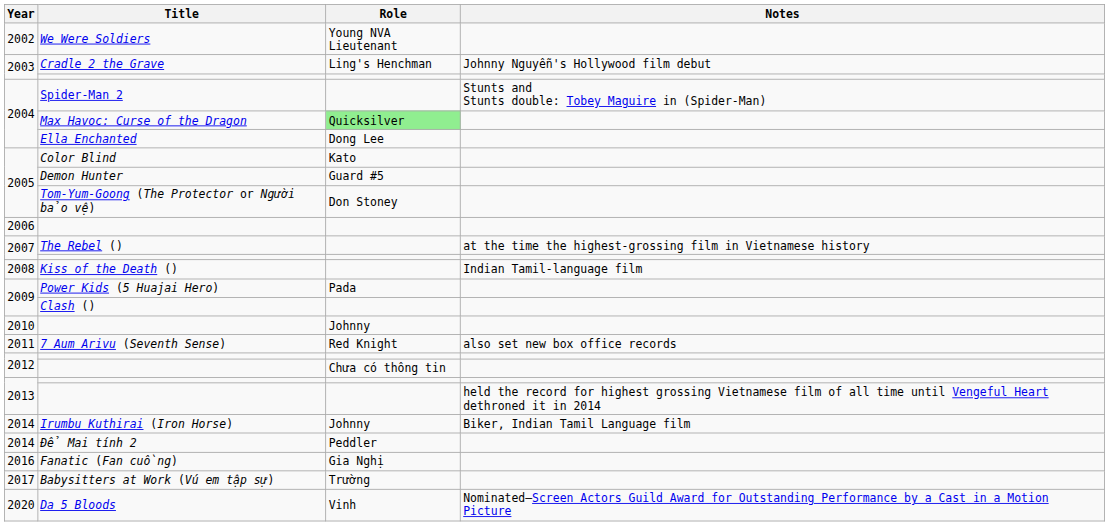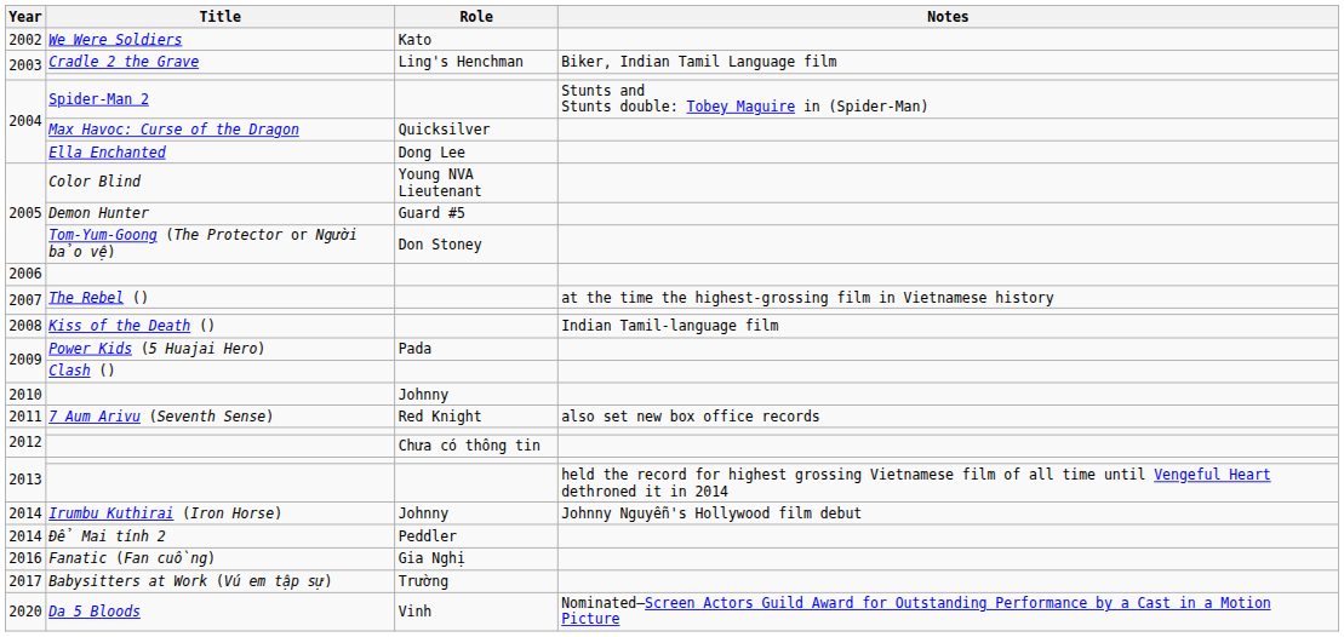 <table class="wikitable">
 <tr>
 <th>Year</th>
 <th>Title</th>
 <th>Role</th>
 <th>Notes</th>
 </tr>
 <tr>
 <td>2002</td>
 <td><em><a href='#'>We Were Soldiers</a></em></td>
-<td>Young NVA Lieutenant</td>
+<td>Kato</td>
 <td></td>
 </tr>
 <tr>
 <td rowspan="2">2003</td>
 <td><em><a href='#'>Cradle 2 the Grave</a></em></td>
 <td>Ling's Henchman</td>
-<td>Johnny Nguyễn's Hollywood film debut</td>
+<td>Biker, Indian Tamil Language film</td>
 </tr>
 <tr>
 <td></td>
 <td></td>
 <td></td>
 </tr>
 <tr>
 <td rowspan="3">2004</td>
 <td><a href='#'>Spider-Man 2</a></td>
 <td></td>
 <td>Stunts and<br>Stunts double: <a href='#'>Tobey Maguire</a> in (Spider-Man)</td>
 </tr>
 <tr>
 <td><em><a href='#'>Max Havoc: Curse of the Dragon</a></em></td>
-<td style="background: lightgreen;">Quicksilver</td>
+<td>Quicksilver</td>
 <td></td>
 </tr>
 <tr>
 <td><em><a href='#'>Ella Enchanted</a></em></td>
 <td>Dong Lee</td>
 <td></td>
 </tr>
 <tr>
 <td rowspan="3">2005</td>
 <td><em>Color Blind</em></td>
-<td>Kato</td>
+<td>Young NVA Lieutenant</td>
 <td></td>
 </tr>
 <tr>
 <td><em>Demon Hunter</em></td>
 <td>Guard #5</td>
 <td></td>
 </tr>
 <tr>
 <td><em><a href='#'>Tom-Yum-Goong</a></em> (<em>The Protector</em> or <em>Người bảo vệ</em>)</td>
 <td>Don Stoney</td>
 <td></td>
 </tr>
 <tr>
 <td>2006</td>
 <td></td>
 <td></td>
 <td></td>
 </tr>
 <tr>
 <td rowspan="2">2007</td>
 <td><em><a href='#'>The Rebel</a></em> ()</td>
 <td></td>
 <td>at the time the highest-grossing film in Vietnamese history</td>
 </tr>
 <tr>
 <td></td>
 <td></td>
 <td></td>
 </tr>
 <tr>
 <td>2008</td>
 <td><em><a href='#'>Kiss of the Death</a></em> ()</td>
 <td></td>
 <td>Indian Tamil-language film</td>
 </tr>
 <tr>
 <td rowspan="2">2009</td>
 <td><em><a href='#'>Power Kids</a></em> (<em>5 Huajai Hero</em>)</td>
 <td>Pada</td>
 <td></td>
 </tr>
 <tr>
 <td><em><a href='#'>Clash</a></em> ()</td>
 <td></td>
 <td></td>
 </tr>
 <tr>
 <td>2010</td>
 <td></td>
 <td> Johnny</td>
 <td></td>
 </tr>
 <tr>
 <td>2011</td>
 <td><em><a href='#'>7 Aum Arivu</a></em> (<em>Seventh Sense</em>)</td>
 <td>Red Knight</td>
 <td>also set new box office records</td>
 </tr>
 <tr>
 <td rowspan="2">2012</td>
 <td></td>
 <td> </td>
 <td></td>
 </tr>
 <tr>
 <td> </td>
 <td>Chưa có thông tin</td>
 <td></td>
 </tr>
 <tr>
 <td rowspan="2">2013</td>
 <td></td>
 <td></td>
 <td></td>
 </tr>
 <tr>
 <td></td>
 <td></td>
 <td>held the record for highest grossing Vietnamese film of all time until <a href='#'>Vengeful Heart</a> dethroned it in 2014 </td>
 </tr>
 <tr>
 <td>2014</td>
 <td><em><a href='#'>Irumbu Kuthirai</a></em> (<em>Iron Horse</em>)</td>
 <td>Johnny</td>
-<td>Biker, Indian Tamil Language film</td>
+<td>Johnny Nguyễn's Hollywood film debut</td>
 </tr>
 <tr>
 <td>2014</td>
 <td><em>Để Mai tính 2</em></td>
 <td>Peddler</td>
 <td></td>
 </tr>
 <tr>
 <td>2016</td>
 <td><em>Fanatic</em> (<em>Fan cuồng</em>)</td>
 <td>Gia Nghị</td>
 <td></td>
 </tr>
 <tr>
 <td>2017</td>
 <td><em>Babysitters at Work</em> (<em>Vú em tập sự</em>)</td>
 <td>Trường</td>
 <td></td>
 </tr>
 <tr>
 <td>2020</td>
 <td><em><a href='#'>Da 5 Bloods</a></em></td>
 <td>Vinh</td>
 <td>Nominated—<a href='#'>Screen Actors Guild Award for Outstanding Performance by a Cast in a Motion Picture</a></td>
 </tr>
 </table>
